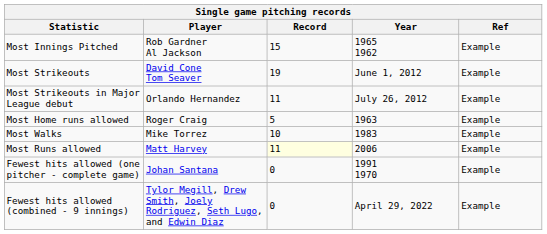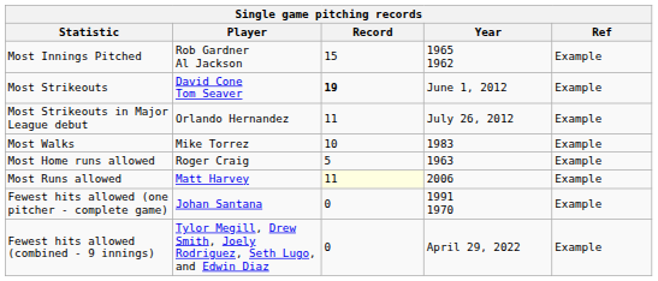 <table class="sortable wikitable" style="text-align:left" width="60%">
 <tr>
 <th colspan=5>Single game pitching records</th>
 </tr>
 <tr>
 <th scope="col" width=10%>Statistic</th>
 <th scope="col" width=8%>Player</th>
 <th scope="col" width=6% class="unsortable">Record</th>
 <th scope="col" width=8%>Year</th>
 <th scope="col" width=5% class="unsortable">Ref</th>
 </tr>
 <tr>
 <td>Most Innings Pitched</td>
 <td>Rob Gardner <br> Al Jackson</td>
 <td>15</td>
 <td>1965 <br> 1962</td>
 <td>Example</td>
 </tr>
 <tr>
 <td>Most Strikeouts</td>
 <td><a href='#'>David Cone</a> <br> <a href='#'>Tom Seaver</a></td>
-<td>19</td>
+<td><strong>19</strong></td>
 <td>June 1, 2012</td>
 <td>Example</td>
 </tr>
 <tr>
 <td>Most Strikeouts in Major League debut</td>
 <td>Orlando Hernandez</td>
 <td>11</td>
 <td>July 26, 2012</td>
 <td>Example</td>
 </tr>
 <tr>
+<td>Most Walks</td>
+<td>Mike Torrez</td>
+<td>10</td>
+<td>1983</td>
+<td>Example</td>
+</tr>
+<tr>
 <td>Most Home runs allowed</td>
 <td>Roger Craig</td>
 <td>5</td>
 <td>1963</td>
-<td>Example</td>
-</tr>
-<tr>
-<td>Most Walks</td>
-<td>Mike Torrez</td>
-<td>10</td>
-<td>1983</td>
 <td>Example</td>
 </tr>
 <tr>
 <td>Most Runs allowed</td>
 <td><a href='#'>Matt Harvey</a></td>
 <td style="background: lightyellow;">11</td>
 <td>2006</td>
 <td>Example</td>
 </tr>
 <tr>
 <td>Fewest hits allowed (one pitcher - complete game)</td>
 <td><a href='#'>Johan Santana</a></td>
 <td>0</td>
 <td>1991 <br> 1970</td>
 <td>Example</td>
 </tr>
 <tr>
 <td>Fewest hits allowed (combined - 9 innings)</td>
 <td><a href='#'>Tylor Megill</a>, <a href='#'>Drew Smith</a>, <a href='#'>Joely Rodriguez</a>, <a href='#'>Seth Lugo</a>, and <a href='#'>Edwin Diaz</a></td>
 <td>0</td>
 <td>April 29, 2022</td>
 <td>Example</td>
 </tr>
 </table>
